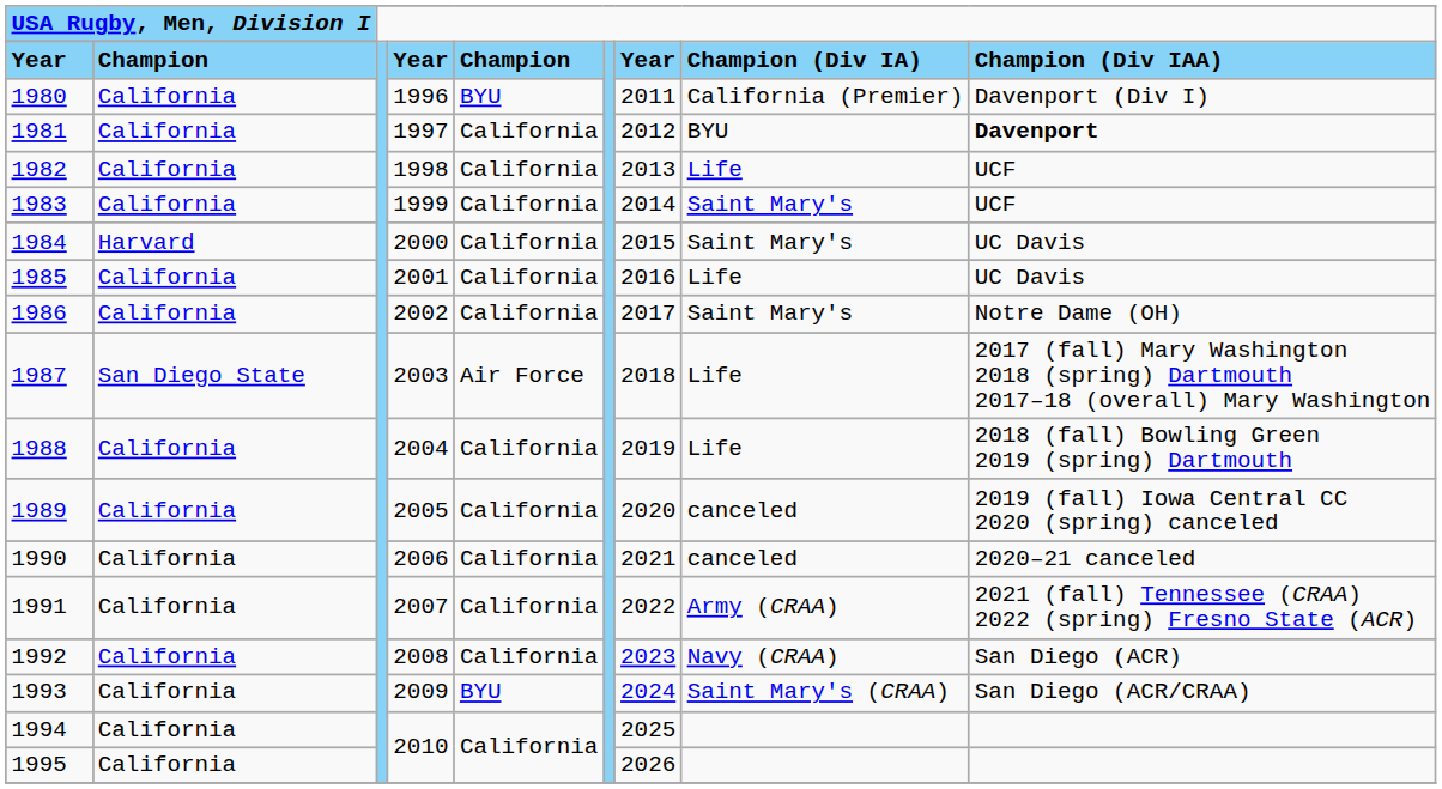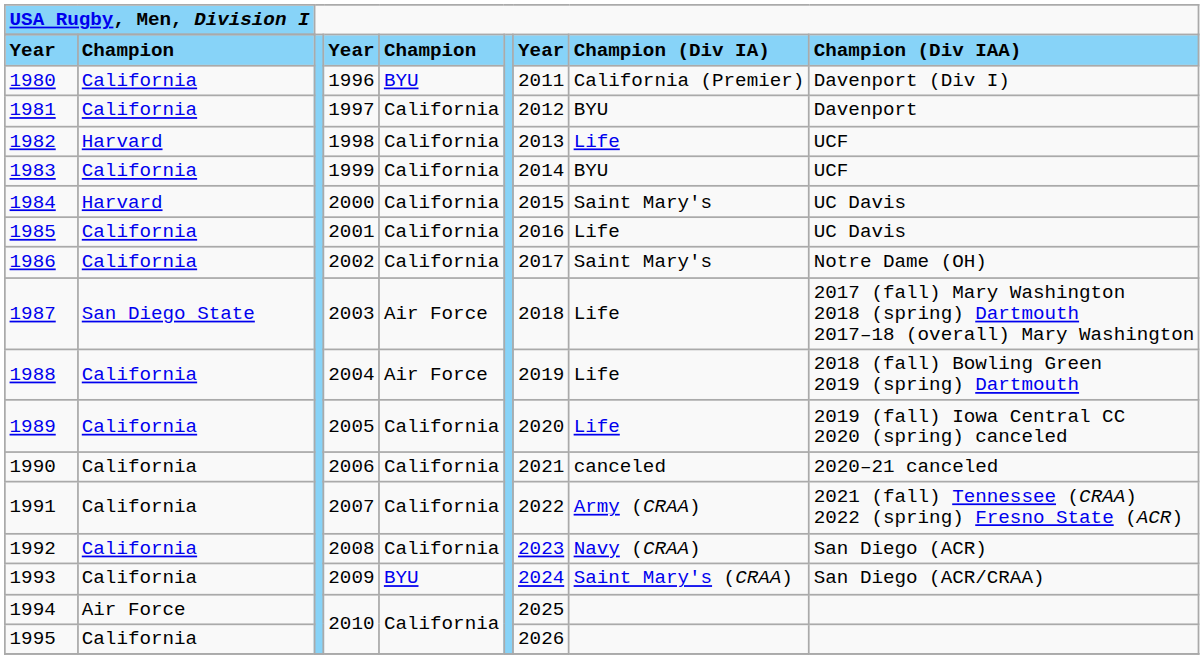 <table class="wikitable" style="font-size:85%;">
 <tr ! style="background-color: #87D3F8;">
 <td colspan=2><strong><a href='#'>USA Rugby</a>, Men, <em>Division I</em> </strong></td>
 </tr>
 <tr>
 </tr>
 <tr>
 </tr>
 <tr>
 </tr>
 <tr>
 </tr>
 <tr>
 </tr>
 <tr>
 </tr>
 <tr>
 </tr>
 <tr --->
 </tr>
 <tr ! style="background-color: #87D3F8;">
 <td><strong>Year</strong></td>
 <td><strong>Champion</strong></td>
 <td rowspan=17></td>
 <td><strong>Year</strong></td>
 <td><strong>Champion</strong></td>
 <td rowspan=17></td>
 <td><strong>Year</strong></td>
 <td><strong>Champion (Div IA)</strong></td>
 <td><strong>Champion (Div IAA)</strong></td>
 </tr>
 <tr --->
 <td><a href='#'>1980</a></td>
 <td><a href='#'>California</a></td>
 <td>1996</td>
 <td><a href='#'>BYU</a></td>
 <td>2011</td>
 <td>California (Premier)</td>
 <td>Davenport (Div I)</td>
 </tr>
 <tr --->
 <td><a href='#'>1981</a></td>
 <td><a href='#'>California</a></td>
 <td>1997</td>
 <td>California</td>
 <td>2012</td>
 <td>BYU</td>
-<td><strong>Davenport</strong></td>
+<td>Davenport</td>
 </tr>
 <tr --->
 <td><a href='#'>1982</a></td>
-<td><a href='#'>California</a></td>
+<td><a href='#'>Harvard</a></td>
 <td>1998</td>
 <td>California</td>
 <td>2013</td>
 <td><a href='#'>Life</a></td>
 <td>UCF</td>
 </tr>
 <tr --->
 <td><a href='#'>1983</a></td>
 <td><a href='#'>California</a></td>
 <td>1999</td>
 <td>California</td>
 <td>2014</td>
-<td><a href='#'>Saint Mary's</a></td>
+<td>BYU</td>
 <td>UCF</td>
 </tr>
 <tr --->
 <td><a href='#'>1984</a></td>
 <td><a href='#'>Harvard</a></td>
 <td>2000</td>
 <td>California</td>
 <td>2015</td>
 <td>Saint Mary's</td>
 <td>UC Davis</td>
 </tr>
 <tr --->
 <td><a href='#'>1985</a></td>
 <td><a href='#'>California</a></td>
 <td>2001</td>
 <td>California</td>
 <td>2016</td>
 <td>Life</td>
 <td>UC Davis</td>
 </tr>
 <tr --->
 <td><a href='#'>1986</a></td>
 <td><a href='#'>California</a></td>
 <td>2002</td>
 <td>California</td>
 <td>2017</td>
 <td>Saint Mary's</td>
 <td>Notre Dame (OH)</td>
 </tr>
 <tr --->
 <td><a href='#'>1987</a></td>
 <td><a href='#'>San Diego State</a></td>
 <td>2003</td>
 <td>Air Force</td>
 <td>2018</td>
 <td>Life</td>
 <td>2017 (fall) Mary Washington<br>2018 (spring) <a href='#'>Dartmouth</a><br> 2017–18 (overall) Mary Washington</td>
 </tr>
 <tr --->
 <td><a href='#'>1988</a></td>
 <td><a href='#'>California</a></td>
 <td>2004</td>
-<td>California</td>
+<td>Air Force</td>
 <td>2019</td>
 <td>Life</td>
 <td>2018 (fall) Bowling Green<br>2019 (spring) <a href='#'>Dartmouth</a></td>
 </tr>
 <tr --->
 <td><a href='#'>1989</a></td>
 <td><a href='#'>California</a></td>
 <td>2005</td>
 <td>California</td>
 <td>2020</td>
-<td>canceled</td>
+<td><a href='#'>Life</a></td>
 <td>2019 (fall) Iowa Central CC<br>2020 (spring) canceled</td>
 </tr>
 <tr --->
 <td>1990</td>
 <td>California</td>
 <td>2006</td>
 <td>California</td>
 <td>2021</td>
 <td>canceled</td>
 <td>2020–21 canceled</td>
 </tr>
 <tr --->
 <td>1991</td>
 <td>California</td>
 <td>2007</td>
 <td>California</td>
 <td>2022</td>
 <td><a href='#'>Army</a> (<em>CRAA</em>)</td>
 <td>2021 (fall) <a href='#'>Tennessee</a> (<em>CRAA</em>)<br>2022 (spring) <a href='#'>Fresno State</a> (<em>ACR</em>)</td>
 </tr>
 <tr --->
 <td>1992</td>
 <td><a href='#'>California</a></td>
 <td>2008</td>
 <td>California</td>
 <td><a href='#'>2023</a></td>
 <td><a href='#'>Navy</a> (<em>CRAA</em>)</td>
 <td>San Diego (ACR)</td>
 </tr>
 <tr --->
 <td>1993</td>
 <td>California</td>
 <td>2009</td>
 <td><a href='#'>BYU</a></td>
 <td><a href='#'>2024</a></td>
 <td><a href='#'>Saint Mary's</a> (<em>CRAA</em>)</td>
 <td>San Diego (ACR/CRAA)</td>
 </tr>
 <tr --->
 <td>1994</td>
-<td>California</td>
+<td>Air Force</td>
 <td rowspan=2>2010</td>
 <td rowspan=2>California</td>
 <td>2025</td>
 <td></td>
 <td></td>
 </tr>
 <tr --->
 <td>1995</td>
 <td>California</td>
 <td>2026</td>
 <td></td>
 <td></td>
 </tr>
 <tr --->
 </tr>
 </table>
